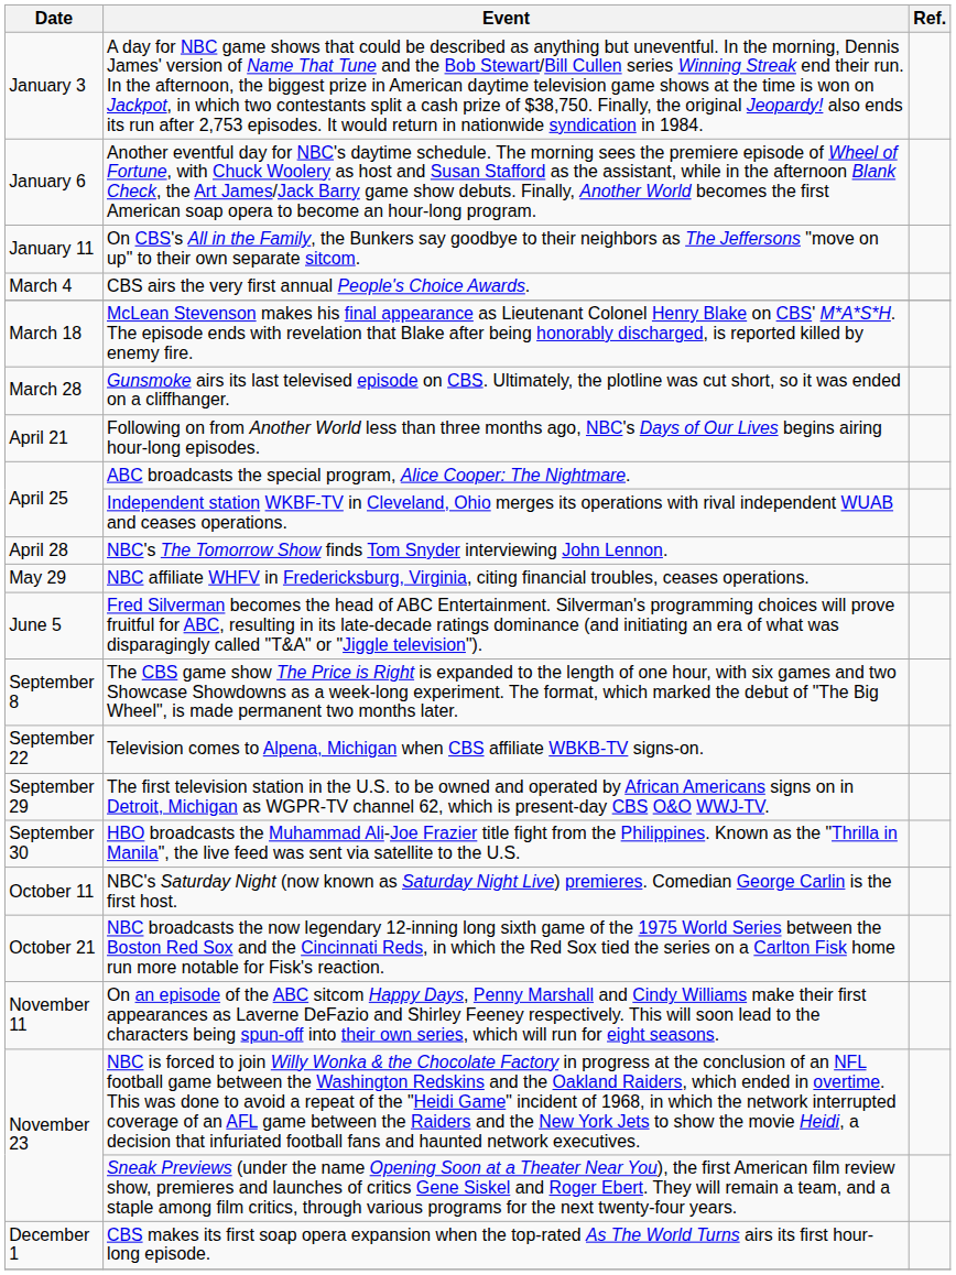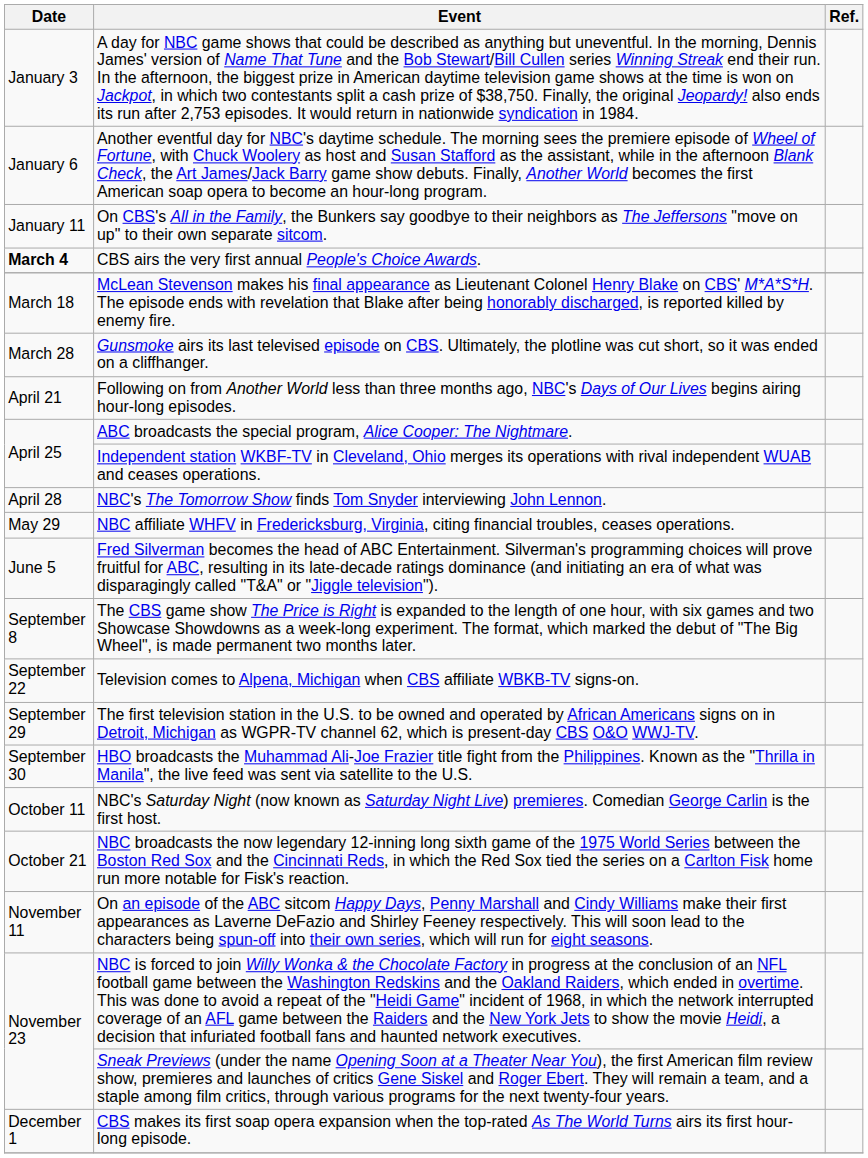 <table class="wikitable sortable">
 <tr>
 <th>Date</th>
 <th>Event</th>
 <th>Ref.</th>
 </tr>
 <tr>
 <td>January 3</td>
 <td>A day for <a href='#'>NBC</a> game shows that could be described as anything but uneventful. In the morning, Dennis James' version of <em><a href='#'>Name That Tune</a></em> and the <a href='#'>Bob Stewart</a>/<a href='#'>Bill Cullen</a> series <em><a href='#'>Winning Streak</a></em> end their run. In the afternoon, the biggest prize in American daytime television game shows at the time is won on <em><a href='#'>Jackpot</a></em>, in which two contestants split a cash prize of $38,750. Finally, the original <em><a href='#'>Jeopardy!</a></em> also ends its run after 2,753 episodes. It would return in nationwide <a href='#'>syndication</a> in 1984.</td>
 <td></td>
 </tr>
 <tr>
 <td>January 6</td>
 <td>Another eventful day for <a href='#'>NBC</a>'s daytime schedule. The morning sees the premiere episode of <em><a href='#'>Wheel of Fortune</a></em>, with <a href='#'>Chuck Woolery</a> as host and <a href='#'>Susan Stafford</a> as the assistant, while in the afternoon <em><a href='#'>Blank Check</a></em>, the <a href='#'>Art James</a>/<a href='#'>Jack Barry</a> game show debuts. Finally, <em><a href='#'>Another World</a></em> becomes the first American soap opera to become an hour-long program.</td>
 <td></td>
 </tr>
 <tr>
 <td>January 11</td>
 <td>On <a href='#'>CBS</a>'s <em><a href='#'>All in the Family</a></em>, the Bunkers say goodbye to their neighbors as <em><a href='#'>The Jeffersons</a></em> "move on up" to their own separate <a href='#'>sitcom</a>.</td>
 <td></td>
 </tr>
 <tr>
-<td>March 4</td>
+<td><strong>March 4</strong></td>
 <td>CBS airs the very first annual <em><a href='#'>People's Choice Awards</a></em>.</td>
 <td></td>
 </tr>
 <tr>
 </tr>
 <tr>
 <td>March 18</td>
 <td><a href='#'>McLean Stevenson</a> makes his <a href='#'>final appearance</a> as Lieutenant Colonel <a href='#'>Henry Blake</a> on <a href='#'>CBS</a>' <em><a href='#'>M*A*S*H</a></em>. The episode ends with revelation that Blake after being <a href='#'>honorably discharged</a>, is reported killed by enemy fire.</td>
 <td></td>
 </tr>
 <tr>
 <td>March 28</td>
 <td><em><a href='#'>Gunsmoke</a></em> airs its last televised <a href='#'>episode</a> on <a href='#'>CBS</a>. Ultimately, the plotline was cut short, so it was ended on a cliffhanger.</td>
 <td></td>
 </tr>
 <tr>
 <td>April 21</td>
 <td>Following on from <em>Another World</em> less than three months ago, <a href='#'>NBC</a>'s <em><a href='#'>Days of Our Lives</a></em> begins airing hour-long episodes.</td>
 <td></td>
 </tr>
 <tr>
 <td rowspan="2">April 25</td>
 <td><a href='#'>ABC</a> broadcasts the special program, <em><a href='#'>Alice Cooper: The Nightmare</a></em>.</td>
 <td></td>
 </tr>
 <tr>
 <td><a href='#'>Independent station</a> <a href='#'>WKBF-TV</a> in <a href='#'>Cleveland, Ohio</a> merges its operations with rival independent <a href='#'>WUAB</a> and ceases operations.</td>
 <td></td>
 </tr>
 <tr>
 <td>April 28</td>
 <td><a href='#'>NBC</a>'s <em><a href='#'>The Tomorrow Show</a></em> finds <a href='#'>Tom Snyder</a> interviewing <a href='#'>John Lennon</a>.</td>
 <td></td>
 </tr>
 <tr>
 <td>May 29</td>
 <td><a href='#'>NBC</a> affiliate <a href='#'>WHFV</a> in <a href='#'>Fredericksburg, Virginia</a>, citing financial troubles, ceases operations.</td>
 <td></td>
 </tr>
 <tr>
 <td>June 5</td>
 <td><a href='#'>Fred Silverman</a> becomes the head of ABC Entertainment. Silverman's programming choices will prove fruitful for <a href='#'>ABC</a>, resulting in its late-decade ratings dominance (and initiating an era of what was disparagingly called "T&A" or "<a href='#'>Jiggle television</a>").</td>
 <td></td>
 </tr>
 <tr>
 <td>September 8</td>
 <td>The <a href='#'>CBS</a> game show <em><a href='#'>The Price is Right</a></em> is expanded to the length of one hour, with six games and two Showcase Showdowns as a week-long experiment. The format, which marked the debut of "The Big Wheel", is made permanent two months later.</td>
 <td></td>
 </tr>
 <tr>
 <td>September 22</td>
 <td>Television comes to <a href='#'>Alpena, Michigan</a> when <a href='#'>CBS</a> affiliate <a href='#'>WBKB-TV</a> signs-on.</td>
 <td></td>
 </tr>
 <tr>
 <td>September 29</td>
 <td>The first television station in the U.S. to be owned and operated by <a href='#'>African Americans</a> signs on in <a href='#'>Detroit, Michigan</a> as WGPR-TV channel 62, which is present-day <a href='#'>CBS</a> <a href='#'>O&O</a> <a href='#'>WWJ-TV</a>.</td>
 <td></td>
 </tr>
 <tr>
 <td>September 30</td>
 <td><a href='#'>HBO</a> broadcasts the <a href='#'>Muhammad Ali</a>-<a href='#'>Joe Frazier</a> title fight from the <a href='#'>Philippines</a>. Known as the "<a href='#'>Thrilla in Manila</a>", the live feed was sent via satellite to the U.S.</td>
 <td></td>
 </tr>
 <tr>
 <td>October 11</td>
 <td>NBC's <em>Saturday Night</em> (now known as <em><a href='#'>Saturday Night Live</a></em>) <a href='#'>premieres</a>. Comedian <a href='#'>George Carlin</a> is the first host.</td>
 </tr>
 <tr>
 <td>October 21</td>
 <td><a href='#'>NBC</a> broadcasts the now legendary 12-inning long sixth game of the <a href='#'>1975 World Series</a> between the <a href='#'>Boston Red Sox</a> and the <a href='#'>Cincinnati Reds</a>, in which the Red Sox tied the series on a <a href='#'>Carlton Fisk</a> home run more notable for Fisk's reaction.</td>
 <td></td>
 </tr>
 <tr>
 <td>November 11</td>
 <td>On <a href='#'>an episode</a> of the <a href='#'>ABC</a> sitcom <em><a href='#'>Happy Days</a></em>, <a href='#'>Penny Marshall</a> and <a href='#'>Cindy Williams</a> make their first appearances as Laverne DeFazio and Shirley Feeney respectively. This will soon lead to the characters being <a href='#'>spun-off</a> into <a href='#'>their own series</a>, which will run for <a href='#'>eight seasons</a>.</td>
 </tr>
 <tr>
 <td rowspan="2">November 23</td>
 <td><a href='#'>NBC</a> is forced to join <em><a href='#'>Willy Wonka & the Chocolate Factory</a></em> in progress at the conclusion of an <a href='#'>NFL</a> football game between the <a href='#'>Washington Redskins</a> and the <a href='#'>Oakland Raiders</a>, which ended in <a href='#'>overtime</a>. This was done to avoid a repeat of the "<a href='#'>Heidi Game</a>" incident of 1968, in which the network interrupted coverage of an <a href='#'>AFL</a> game between the <a href='#'>Raiders</a> and the <a href='#'>New York Jets</a> to show the movie <em><a href='#'>Heidi</a></em>, a decision that infuriated football fans and haunted network executives.</td>
 <td></td>
 </tr>
 <tr>
 <td><em><a href='#'>Sneak Previews</a></em> (under the name <em><a href='#'>Opening Soon at a Theater Near You</a></em>), the first American film review show, premieres and launches of critics <a href='#'>Gene Siskel</a> and <a href='#'>Roger Ebert</a>. They will remain a team, and a staple among film critics, through various programs for the next twenty-four years.</td>
 <td></td>
 </tr>
 <tr>
 <td>December 1</td>
 <td><a href='#'>CBS</a> makes its first soap opera expansion when the top-rated <em><a href='#'>As The World Turns</a></em> airs its first hour-long episode.</td>
 <td></td>
 </tr>
 <tr>
 </tr>
 </table>
